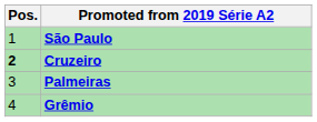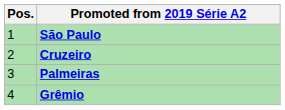 <table class="wikitable">
 <tr>
 <th style="text-align:center;">Pos.</th>
 <th width=300>Promoted from <a href='#'>2019 Série A2</a></th>
 </tr>
 <tr style="background: #ACE1AF;">
 <td>1</td>
 <td><strong><a href='#'>São Paulo</a></strong></td>
 </tr>
 <tr style="background: #ACE1AF;">
-<td><strong>2</strong></td>
+<td>2</td>
 <td><strong><a href='#'>Cruzeiro</a></strong></td>
 </tr>
 <tr style="background: #ACE1AF;">
 <td>3</td>
 <td><strong><a href='#'>Palmeiras</a></strong></td>
 </tr>
 <tr style="background: #ACE1AF;">
 <td>4</td>
 <td><strong><a href='#'>Grêmio</a></strong></td>
 </tr>
 </table>
